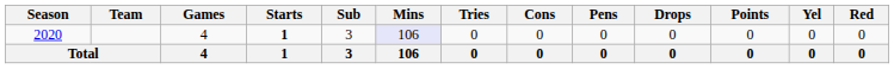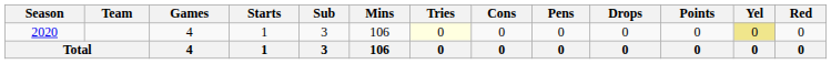 <table class="wikitable" style="text-align:center; line-height:90%; font-size:95%; width:60%;">
 <tr>
 <th>Season</th>
 <th>Team</th>
 <th>Games</th>
 <th>Starts</th>
 <th>Sub</th>
 <th>Mins</th>
 <th>Tries</th>
 <th>Cons</th>
 <th>Pens</th>
 <th>Drops</th>
 <th>Points</th>
 <th>Yel</th>
 <th>Red</th>
 </tr>
 <tr>
 <td><a href='#'>2020</a></td>
 <td></td>
 <td>4</td>
-<td><strong>1</strong></td>
+<td>1</td>
 <td>3</td>
-<td style="background: lavender;">106</td>
+<td>106</td>
+<td style="background: lightyellow;">0</td>
 <td>0</td>
 <td>0</td>
 <td>0</td>
 <td>0</td>
-<td>0</td>
-<td>0</td>
+<td style="background: khaki;">0</td>
 <td>0</td>
 </tr>
 <tr>
 <th colspan="2">Total</th>
 <th>4</th>
 <th>1</th>
 <th>3</th>
 <th>106</th>
 <th>0</th>
 <th>0</th>
 <th>0</th>
 <th>0</th>
 <th>0</th>
 <th>0</th>
 <th>0</th>
 </tr>
 </table>
